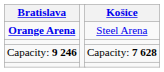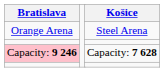 <table class="wikitable" style="text-align:center">
 <tr>
 <th><a href='#'>Bratislava</a></th>
 <td rowspan=5 colspan=2></td>
 <th><a href='#'>Košice</a></th>
 </tr>
 <tr>
-<td><strong><a href='#'>Orange Arena</a></strong></td>
+<td><a href='#'>Orange Arena</a></td>
 <td><a href='#'>Steel Arena</a></td>
 </tr>
 <tr>
 <td></td>
 <td></td>
 </tr>
 <tr>
-<td>Capacity: <strong>9 246</strong></td>
+<td style="background: pink;">Capacity: <strong>9 246</strong></td>
 <td>Capacity: <strong>7 628</strong></td>
 </tr>
 <tr>
 <td></td>
 <td></td>
 </tr>
 </table>
